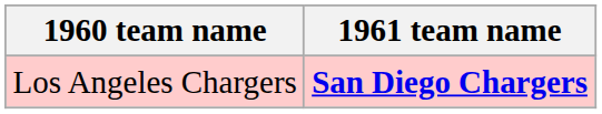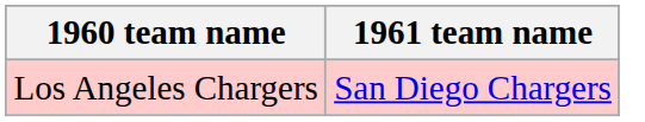 <table class="wikitable">
 <tr>
 <th>1960 team name</th>
 <th>1961 team name</th>
 </tr>
 <tr>
 <td style="background-color: #FFCCCC;">Los Angeles Chargers</td>
-<td style="background-color: #FFCCCC;"><strong><a href='#'>San Diego Chargers</a></strong></td>
+<td style="background-color: #FFCCCC;"><a href='#'>San Diego Chargers</a></td>
 </tr>
 </table>
